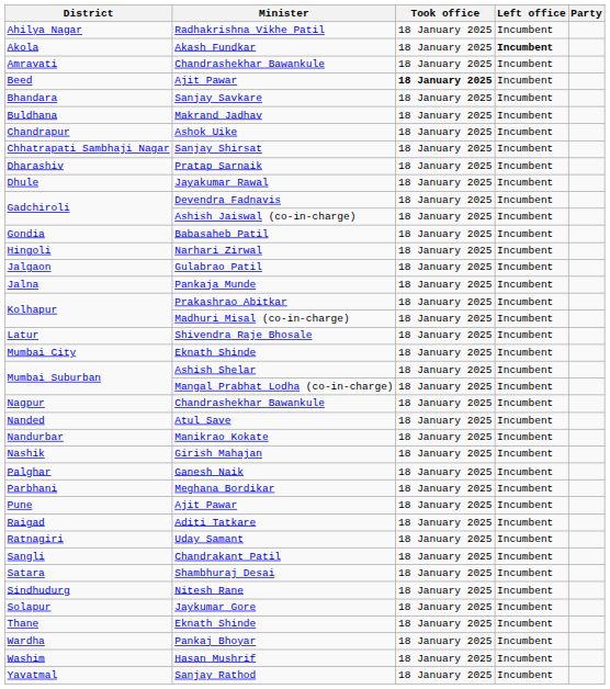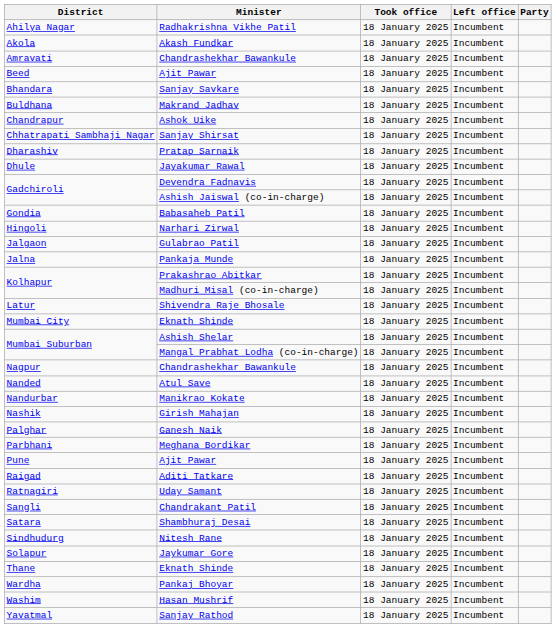 <table class="wikitable sortable" border="1">
 <tr>
 <th>District</th>
 <th>Minister</th>
 <th>Took office</th>
 <th>Left office</th>
 <th colspan="2">Party</th>
 </tr>
 <tr>
 <td><a href='#'>Ahilya Nagar</a></td>
 <td><a href='#'>Radhakrishna Vikhe Patil</a></td>
 <td>18 January 2025</td>
 <td>Incumbent</td>
 <td></td>
 </tr>
 <tr>
 <td><a href='#'>Akola</a></td>
 <td><a href='#'>Akash Fundkar</a></td>
 <td>18 January 2025</td>
-<td><strong>Incumbent</strong></td>
+<td>Incumbent</td>
 <td></td>
 </tr>
 <tr>
 <td><a href='#'>Amravati</a></td>
 <td><a href='#'>Chandrashekhar Bawankule</a></td>
 <td>18 January 2025</td>
 <td>Incumbent</td>
 <td></td>
 </tr>
 <tr>
 <td><a href='#'>Beed</a></td>
 <td><a href='#'>Ajit Pawar</a></td>
-<td><strong>18 January 2025</strong></td>
+<td>18 January 2025</td>
 <td>Incumbent</td>
 <td></td>
 </tr>
 <tr>
 <td><a href='#'>Bhandara</a></td>
 <td><a href='#'>Sanjay Savkare</a></td>
 <td>18 January 2025</td>
 <td>Incumbent</td>
 <td></td>
 </tr>
 <tr>
 <td><a href='#'>Buldhana</a></td>
 <td><a href='#'>Makrand Jadhav</a></td>
 <td>18 January 2025</td>
 <td>Incumbent</td>
 <td></td>
 </tr>
 <tr>
 <td><a href='#'>Chandrapur</a></td>
 <td><a href='#'>Ashok Uike</a></td>
 <td>18 January 2025</td>
 <td>Incumbent</td>
 <td></td>
 </tr>
 <tr>
 <td><a href='#'>Chhatrapati Sambhaji Nagar</a></td>
 <td><a href='#'>Sanjay Shirsat</a></td>
 <td>18 January 2025</td>
 <td>Incumbent</td>
 <td></td>
 </tr>
 <tr>
 <td><a href='#'>Dharashiv</a></td>
 <td><a href='#'>Pratap Sarnaik</a></td>
 <td>18 January 2025</td>
 <td>Incumbent</td>
 <td></td>
 </tr>
 <tr>
 <td><a href='#'>Dhule</a></td>
 <td><a href='#'>Jayakumar Rawal</a></td>
 <td>18 January 2025</td>
 <td>Incumbent</td>
 <td></td>
 </tr>
 <tr>
 <td rowspan="2"><a href='#'>Gadchiroli</a></td>
 <td><a href='#'>Devendra Fadnavis</a></td>
 <td>18 January 2025</td>
 <td>Incumbent</td>
 <td></td>
 </tr>
 <tr>
 <td><a href='#'>Ashish Jaiswal</a> (co-in-charge)</td>
 <td>18 January 2025</td>
 <td>Incumbent</td>
 <td></td>
 </tr>
 <tr>
 <td><a href='#'>Gondia</a></td>
 <td><a href='#'>Babasaheb Patil</a></td>
 <td>18 January 2025</td>
 <td>Incumbent</td>
 <td></td>
 </tr>
 <tr>
 <td><a href='#'>Hingoli</a></td>
 <td><a href='#'>Narhari Zirwal</a></td>
 <td>18 January 2025</td>
 <td>Incumbent</td>
 <td></td>
 </tr>
 <tr>
 <td><a href='#'>Jalgaon</a></td>
 <td><a href='#'>Gulabrao Patil</a></td>
 <td>18 January 2025</td>
 <td>Incumbent</td>
 <td></td>
 </tr>
 <tr>
 <td><a href='#'>Jalna</a></td>
 <td><a href='#'>Pankaja Munde</a></td>
 <td>18 January 2025</td>
 <td>Incumbent</td>
 <td></td>
 </tr>
 <tr>
 <td rowspan="2"><a href='#'>Kolhapur</a></td>
 <td><a href='#'>Prakashrao Abitkar</a></td>
 <td>18 January 2025</td>
 <td>Incumbent</td>
 <td></td>
 </tr>
 <tr>
 <td><a href='#'>Madhuri Misal</a> (co-in-charge)</td>
 <td>18 January 2025</td>
 <td>Incumbent</td>
 <td></td>
 </tr>
 <tr>
 <td><a href='#'>Latur</a></td>
 <td><a href='#'>Shivendra Raje Bhosale</a></td>
 <td>18 January 2025</td>
 <td>Incumbent</td>
 <td></td>
 </tr>
 <tr>
 <td><a href='#'>Mumbai City</a></td>
 <td><a href='#'>Eknath Shinde</a></td>
 <td>18 January 2025</td>
 <td>Incumbent</td>
 <td></td>
 </tr>
 <tr>
 <td rowspan="2"><a href='#'>Mumbai Suburban</a></td>
 <td><a href='#'>Ashish Shelar</a></td>
 <td>18 January 2025</td>
 <td>Incumbent</td>
 <td></td>
 </tr>
 <tr>
 <td><a href='#'>Mangal Prabhat Lodha</a> (co-in-charge)</td>
 <td>18 January 2025</td>
 <td>Incumbent</td>
 <td></td>
 </tr>
 <tr>
 <td><a href='#'>Nagpur</a></td>
 <td><a href='#'>Chandrashekhar Bawankule</a></td>
 <td>18 January 2025</td>
 <td>Incumbent</td>
 <td></td>
 </tr>
 <tr>
 <td><a href='#'>Nanded</a></td>
 <td><a href='#'>Atul Save</a></td>
 <td>18 January 2025</td>
 <td>Incumbent</td>
 <td></td>
 </tr>
 <tr>
 <td><a href='#'>Nandurbar</a></td>
 <td><a href='#'>Manikrao Kokate</a></td>
 <td>18 January 2025</td>
 <td>Incumbent</td>
 <td></td>
 </tr>
 <tr>
 <td><a href='#'>Nashik</a></td>
 <td><a href='#'>Girish Mahajan</a></td>
 <td>18 January 2025</td>
 <td>Incumbent</td>
 <td></td>
 </tr>
 <tr>
 <td><a href='#'>Palghar</a></td>
 <td><a href='#'>Ganesh Naik</a></td>
 <td>18 January 2025</td>
 <td>Incumbent</td>
 <td></td>
 </tr>
 <tr>
 <td><a href='#'>Parbhani</a></td>
 <td><a href='#'>Meghana Bordikar</a></td>
 <td>18 January 2025</td>
 <td>Incumbent</td>
 <td></td>
 </tr>
 <tr>
 <td><a href='#'>Pune</a></td>
 <td><a href='#'>Ajit Pawar</a></td>
 <td>18 January 2025</td>
 <td>Incumbent</td>
 <td></td>
 </tr>
 <tr>
 <td><a href='#'>Raigad</a></td>
 <td><a href='#'>Aditi Tatkare</a></td>
 <td>18 January 2025</td>
 <td>Incumbent</td>
 <td></td>
 </tr>
 <tr>
 <td><a href='#'>Ratnagiri</a></td>
 <td><a href='#'>Uday Samant</a></td>
 <td>18 January 2025</td>
 <td>Incumbent</td>
 <td></td>
 </tr>
 <tr>
 <td><a href='#'>Sangli</a></td>
 <td><a href='#'>Chandrakant Patil</a></td>
 <td>18 January 2025</td>
 <td>Incumbent</td>
 <td></td>
 </tr>
 <tr>
 <td><a href='#'>Satara</a></td>
 <td><a href='#'>Shambhuraj Desai</a></td>
 <td>18 January 2025</td>
 <td>Incumbent</td>
 <td></td>
 </tr>
 <tr>
 <td><a href='#'>Sindhudurg</a></td>
 <td><a href='#'>Nitesh Rane</a></td>
 <td>18 January 2025</td>
 <td>Incumbent</td>
 <td></td>
 </tr>
 <tr>
 <td><a href='#'>Solapur</a></td>
 <td><a href='#'>Jaykumar Gore</a></td>
 <td>18 January 2025</td>
 <td>Incumbent</td>
 <td></td>
 </tr>
 <tr>
 <td><a href='#'>Thane</a></td>
 <td><a href='#'>Eknath Shinde</a></td>
 <td>18 January 2025</td>
 <td>Incumbent</td>
 <td></td>
 </tr>
 <tr>
 <td><a href='#'>Wardha</a></td>
 <td><a href='#'>Pankaj Bhoyar</a></td>
 <td>18 January 2025</td>
 <td>Incumbent</td>
 <td></td>
 </tr>
 <tr>
 <td><a href='#'>Washim</a></td>
 <td><a href='#'>Hasan Mushrif</a></td>
 <td>18 January 2025</td>
 <td>Incumbent</td>
 <td></td>
 </tr>
 <tr>
 <td><a href='#'>Yavatmal</a></td>
 <td><a href='#'>Sanjay Rathod</a></td>
 <td>18 January 2025</td>
 <td>Incumbent</td>
 <td></td>
 </tr>
 </table>
